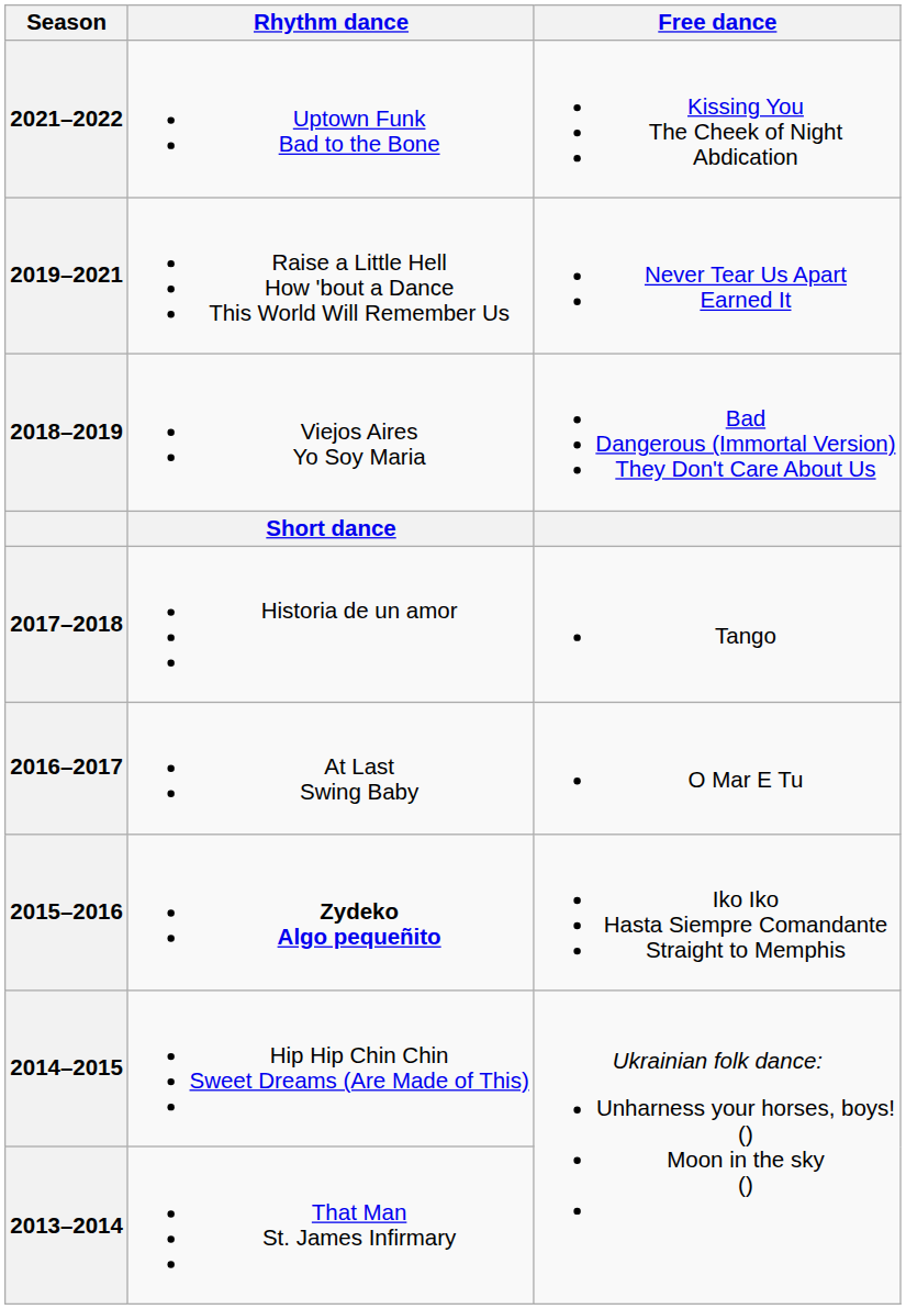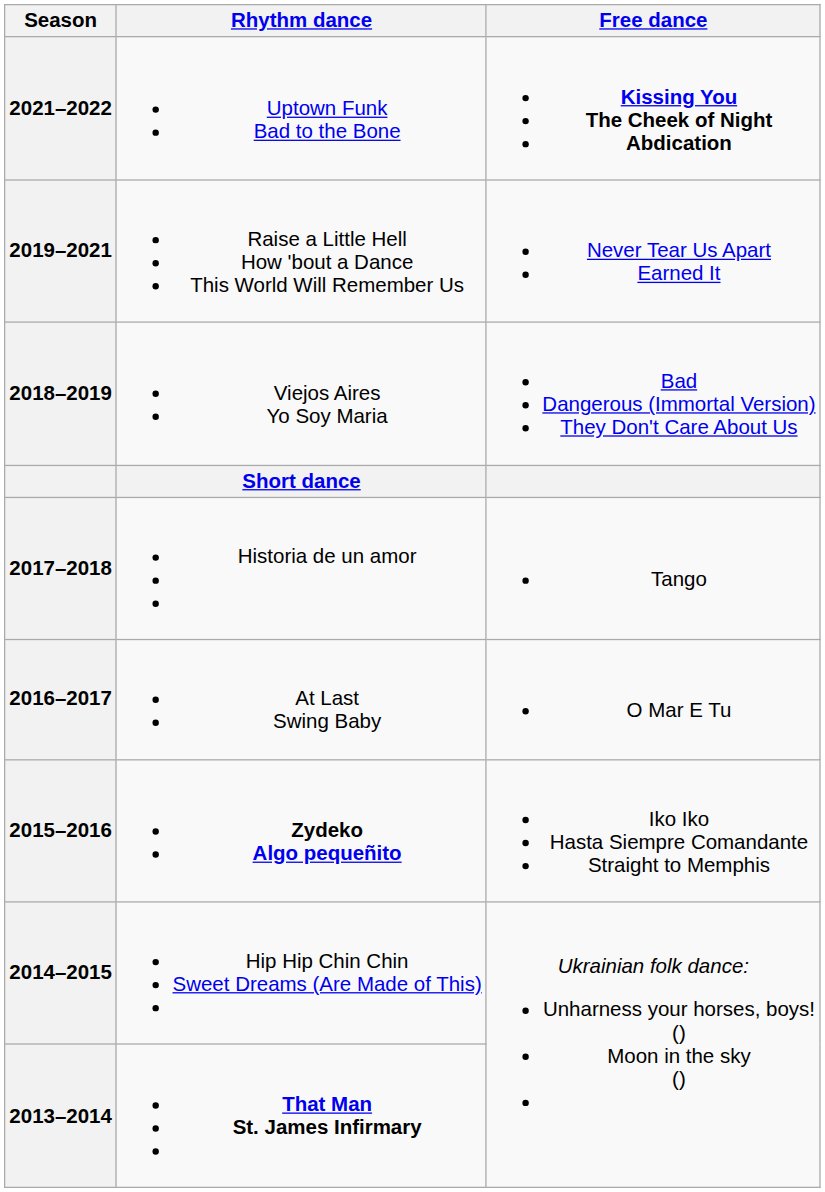 <table class=wikitable style=text-align:center>
 <tr>
 <th>Season</th>
 <th><a href='#'>Rhythm dance</a></th>
 <th><a href='#'>Free dance</a></th>
 </tr>
 <tr>
 <th>2021–2022 <br> </th>
 <td><br><ul><li><a href='#'>Uptown Funk</a> <br> </li><li><a href='#'>Bad to the Bone</a> <br> </li></ul></td>
-<td><br><ul><li><a href='#'>Kissing You</a> <br> </li><li>The Cheek of Night <br> </li><li>Abdication <br> </li></ul></td>
+<td><strong><br><ul><li><a href='#'>Kissing You</a> <br> </li><li>The Cheek of Night <br> </li><li>Abdication <br> </li></ul></strong></td>
 </tr>
 <tr>
 <th>2019–2021 <br> </th>
 <td><br><ul><li> Raise a Little Hell <br></li><li> How 'bout a Dance <br></li><li> This World Will Remember Us <br></li></ul></td>
 <td><br><ul><li><a href='#'>Never Tear Us Apart</a> <br> </li><li><a href='#'>Earned It</a> <br></li></ul></td>
 </tr>
 <tr>
 <th>2018–2019 <br> </th>
 <td><br><ul><li> Viejos Aires <br></li><li> Yo Soy Maria <br></li></ul></td>
 <td><br><ul><li><a href='#'>Bad</a> <br></li><li><a href='#'>Dangerous (Immortal Version)</a> <br></li><li><a href='#'>They Don't Care About Us</a> <br></li></ul></td>
 </tr>
 <tr>
 <th></th>
 <th><a href='#'>Short dance</a></th>
 <th></th>
 </tr>
 <tr>
 <th>2017–2018 <br> </th>
 <td><br><ul><li> Historia de un amor <br></li><li></li><li></li></ul></td>
 <td><br><ul><li>Tango <br></li></ul></td>
 </tr>
 <tr>
 <th>2016–2017 <br> </th>
 <td><br><ul><li> At Last <br></li><li> Swing Baby <br></li></ul></td>
 <td><br><ul><li>O Mar E Tu <br></li></ul></td>
 </tr>
 <tr>
 <th>2015–2016 <br> </th>
 <td><strong><br><ul><li> Zydeko <br></li><li> <a href='#'>Algo pequeñito</a> <br></li></ul></strong></td>
 <td><br><ul><li>Iko Iko <br></li><li>Hasta Siempre Comandante</li><li>Straight to Memphis</li></ul></td>
 </tr>
 <tr>
 <th>2014–2015</th>
 <td><br><ul><li>Hip Hip Chin Chin <br></li><li><a href='#'>Sweet Dreams (Are Made of This)</a> <br></li><li></li></ul></td>
 <td rowspan=2><em>Ukrainian folk dance:</em><br><ul><li>Unharness your horses, boys! <br> ()</li><li>Moon in the sky <br> ()</li><li></li></ul></td>
 </tr>
 <tr>
 <th>2013–2014</th>
-<td><br><ul><li><a href='#'>That Man</a> <br></li><li>St. James Infirmary <br></li><li></li></ul></td>
+<td><strong><br><ul><li><a href='#'>That Man</a> <br></li><li>St. James Infirmary <br></li><li></li></ul></strong></td>
 </tr>
 </table>
